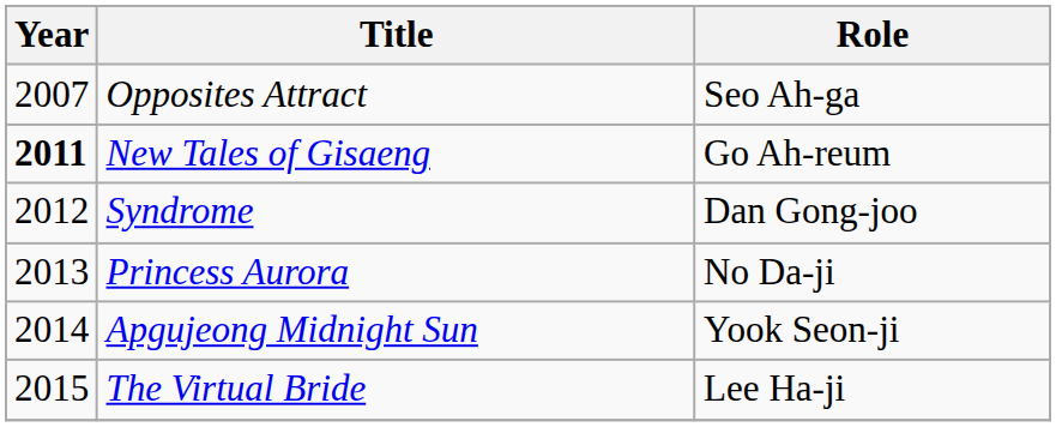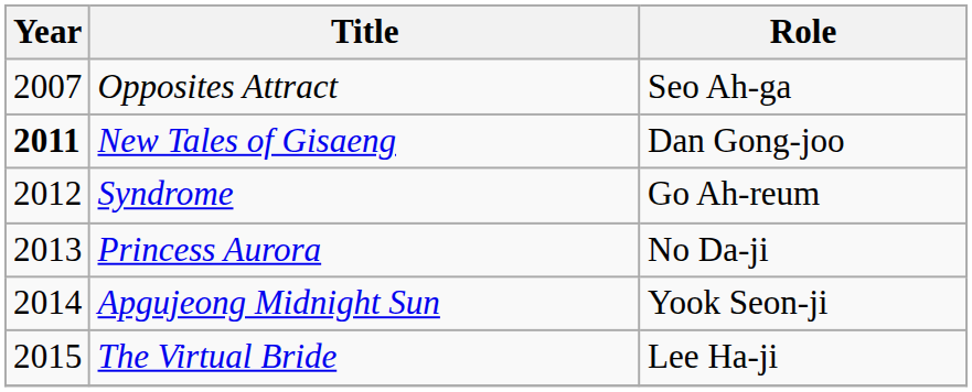 <table class="wikitable" style="width:450px">
 <tr>
 <th width=10>Year</th>
 <th>Title</th>
 <th>Role</th>
 </tr>
 <tr>
 <td>2007</td>
 <td><em>Opposites Attract</em></td>
 <td>Seo Ah-ga</td>
 </tr>
 <tr>
 <td><strong>2011</strong></td>
 <td><em><a href='#'>New Tales of Gisaeng</a></em></td>
-<td>Go Ah-reum</td>
+<td>Dan Gong-joo</td>
 </tr>
 <tr>
 <td>2012</td>
 <td><em><a href='#'>Syndrome</a></em></td>
-<td>Dan Gong-joo</td>
+<td>Go Ah-reum</td>
 </tr>
 <tr>
 <td>2013</td>
 <td><em><a href='#'>Princess Aurora</a></em></td>
 <td>No Da-ji</td>
 </tr>
 <tr>
 <td>2014</td>
 <td><em><a href='#'>Apgujeong Midnight Sun</a></em></td>
 <td>Yook Seon-ji</td>
 </tr>
 <tr>
 <td>2015</td>
 <td><em><a href='#'>The Virtual Bride</a></em></td>
 <td>Lee Ha-ji</td>
 </tr>
 <tr>
 </tr>
 </table>
